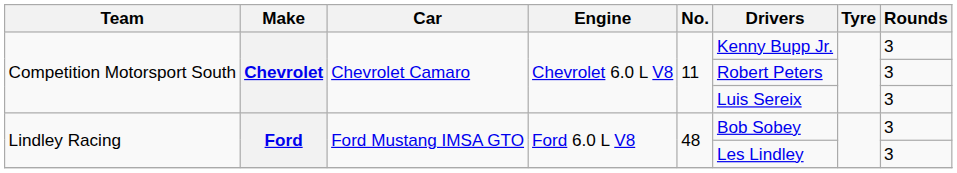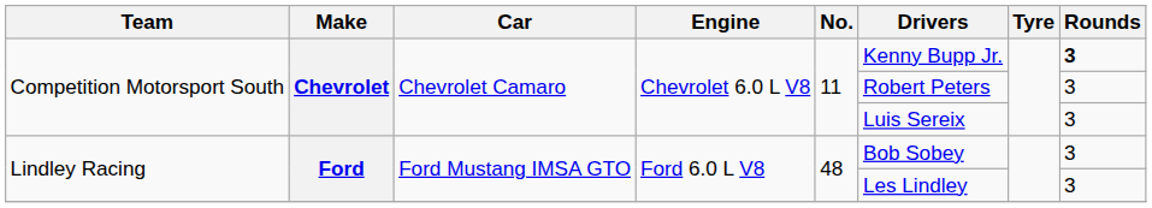 <table class="wikitable" style="font-size: 90%;">
 <tr>
 <th>Team</th>
 <th>Make</th>
 <th>Car</th>
 <th>Engine</th>
 <th>No.</th>
 <th>Drivers</th>
 <th>Tyre</th>
 <th>Rounds</th>
 </tr>
 <tr>
 <td rowspan=3>Competition Motorsport South</td>
 <th rowspan=3><a href='#'>Chevrolet</a></th>
 <td rowspan=3><a href='#'>Chevrolet Camaro</a></td>
 <td rowspan=3><a href='#'>Chevrolet</a> 6.0 L <a href='#'>V8</a></td>
 <td rowspan=3>11</td>
 <td> <a href='#'>Kenny Bupp Jr.</a></td>
 <td rowspan=3></td>
-<td>3</td>
+<td><strong>3</strong></td>
 </tr>
 <tr>
 <td> <a href='#'>Robert Peters</a></td>
 <td>3</td>
 </tr>
 <tr>
 <td> <a href='#'>Luis Sereix</a></td>
 <td>3</td>
 </tr>
 <tr>
 <td rowspan=2>Lindley Racing</td>
 <th rowspan=2><a href='#'>Ford</a></th>
 <td rowspan=2><a href='#'>Ford Mustang IMSA GTO</a></td>
 <td rowspan=2><a href='#'>Ford</a> 6.0 L <a href='#'>V8</a></td>
 <td rowspan=2>48</td>
 <td> <a href='#'>Bob Sobey</a></td>
 <td rowspan=2></td>
 <td>3</td>
 </tr>
 <tr>
 <td> <a href='#'>Les Lindley</a></td>
 <td>3</td>
 </tr>
 <tr>
 </tr>
 </table>
